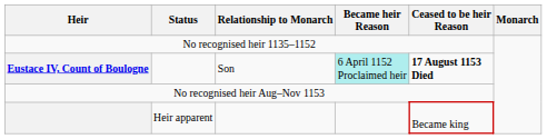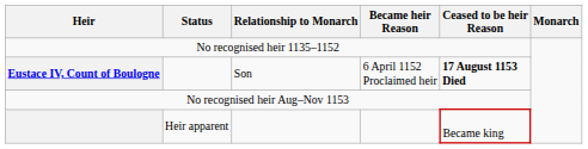 <table class="wikitable" style="font-size:95%">
 <tr>
 <th>Heir</th>
 <th>Status</th>
 <th>Relationship to Monarch</th>
 <th>Became heir<br>Reason</th>
 <th>Ceased to be heir<br>Reason</th>
 <th>Monarch</th>
 </tr>
 <tr>
 <td colspan=5 style="text-align:center">No recognised heir 1135–1152</td>
 <td rowspan=4></td>
 </tr>
 <tr>
 <th><a href='#'>Eustace IV, Count of Boulogne</a></th>
 <td></td>
 <td>Son</td>
-<td style="background: paleturquoise;">6 April 1152<br>Proclaimed heir</td>
+<td>6 April 1152<br>Proclaimed heir</td>
 <td><strong>17 August 1153<br>Died</strong></td>
 </tr>
 <tr>
 <td colspan=5 style="text-align:center">No recognised heir Aug–Nov 1153</td>
 </tr>
 <tr>
 <th></th>
 <td>Heir apparent</td>
 <td></td>
 <td><br></td>
 <td style="border-width:2px; border-color:#CC0000"><br>Became king</td>
 </tr>
 </table>
